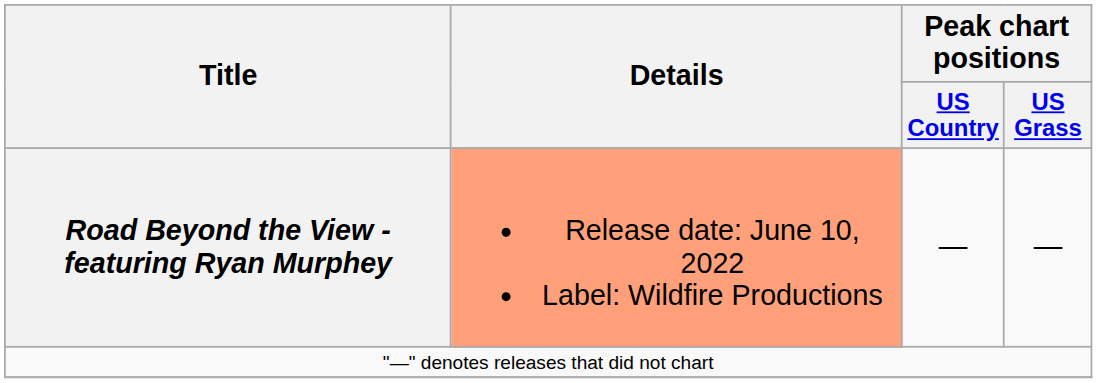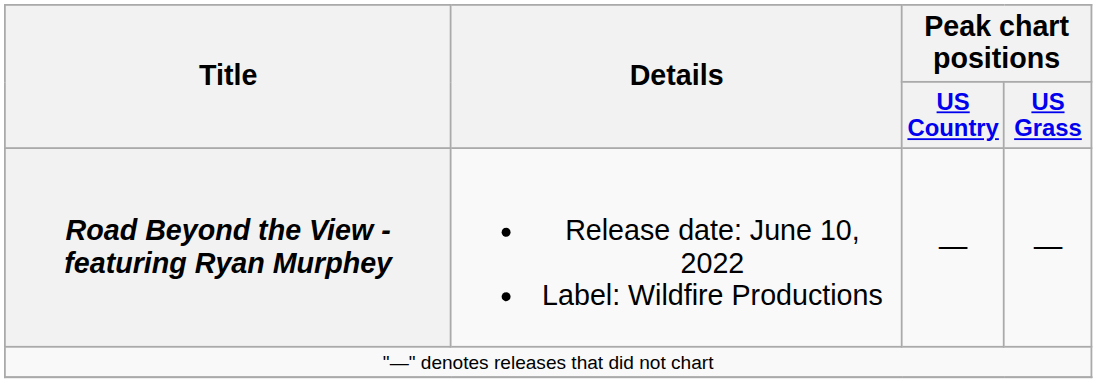 <table class="wikitable plainrowheaders" style="text-align:center;">
 <tr>
 <th rowspan="2" style="width:22em;">Title</th>
 <th rowspan="2" style="width:20em;">Details</th>
 <th colspan="2">Peak chart<br>positions</th>
 </tr>
 <tr style="font-size:smaller;">
 <th style="width:45px;"><a href='#'>US Country</a></th>
 <th style="width:45px;"><a href='#'>US Grass</a></th>
 </tr>
 <tr>
 <th scope="row"><em>Road Beyond the View - featuring Ryan Murphey</em></th>
-<td style="background: lightsalmon;"><br><ul><li>Release date: June 10, 2022</li><li>Label: Wildfire Productions</li></ul></td>
+<td><br><ul><li>Release date: June 10, 2022</li><li>Label: Wildfire Productions</li></ul></td>
 <td>—</td>
 <td>—</td>
 </tr>
 <tr>
 <td colspan="4" style="font-size: 8pt">"—" denotes releases that did not chart</td>
 </tr>
 <tr>
 </tr>
 </table>
